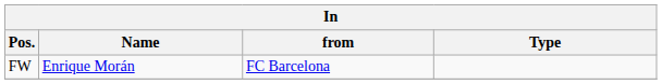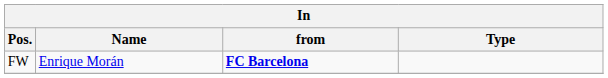 <table class="wikitable" style="font-size:90%;width:99%;">
 <tr>
 <th colspan="4">In</th>
 </tr>
 <tr>
 <th width=3%>Pos.</th>
 <th width=32%>Name</th>
 <th width=30%>from</th>
 <th width=35%>Type</th>
 </tr>
 <tr>
 <td>FW</td>
 <td><a href='#'>Enrique Morán</a></td>
-<td><a href='#'>FC Barcelona</a></td>
+<td><strong><a href='#'>FC Barcelona</a></strong></td>
 <td></td>
 </tr>
 <tr>
 </tr>
 </table>
